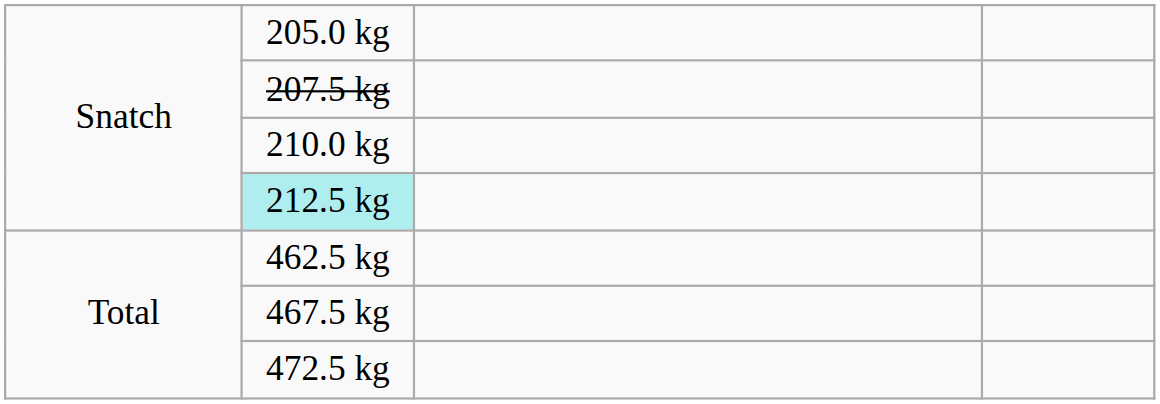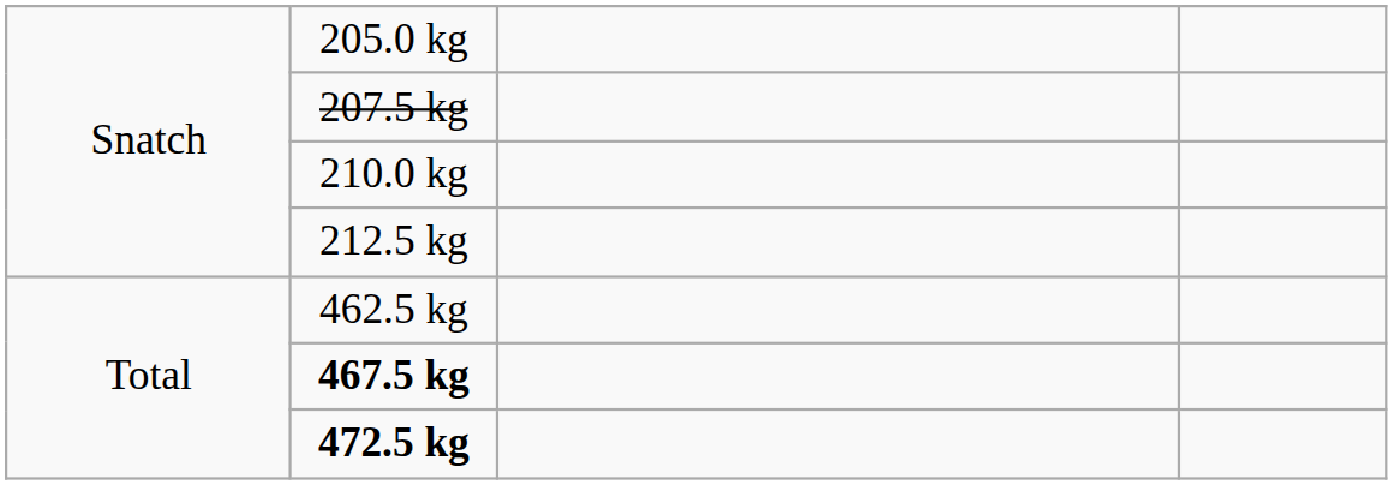 <table class = "wikitable" style="text-align:center;">
 <tr>
 <td rowspan=4 width=100>Snatch</td>
 <td width=70>205.0 kg</td>
 <td width=250 align=left></td>
 <td width=70></td>
 </tr>
 <tr>
 <td><s>207.5 kg</s></td>
 <td align=left><s></s></td>
 <td><s></s></td>
 </tr>
 <tr>
 <td>210.0 kg</td>
 <td align=left></td>
 <td></td>
 </tr>
 <tr>
-<td style="background: paleturquoise;">212.5 kg</td>
+<td>212.5 kg</td>
 <td align=left></td>
 <td></td>
 </tr>
 <tr>
 <td rowspan=3>Total</td>
 <td>462.5 kg</td>
 <td align=left></td>
 <td></td>
 </tr>
 <tr>
-<td>467.5 kg</td>
+<td><strong>467.5 kg</strong></td>
 <td align=left></td>
 <td></td>
 </tr>
 <tr>
-<td>472.5 kg</td>
+<td><strong>472.5 kg</strong></td>
 <td align=left></td>
 <td></td>
 </tr>
 </table>
